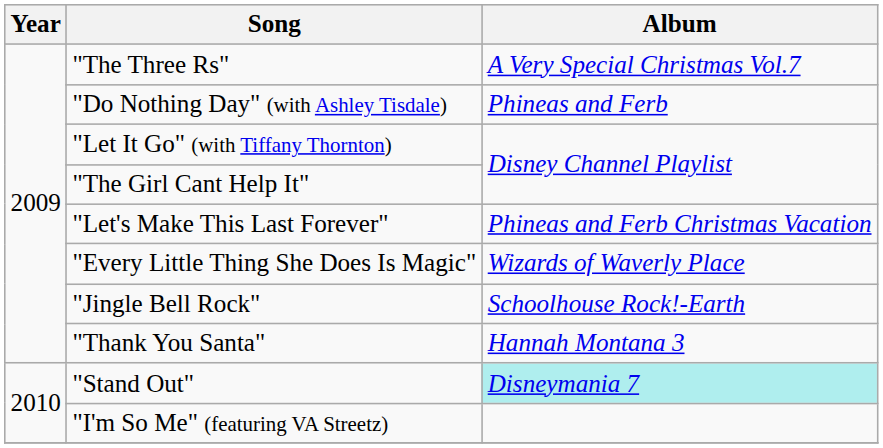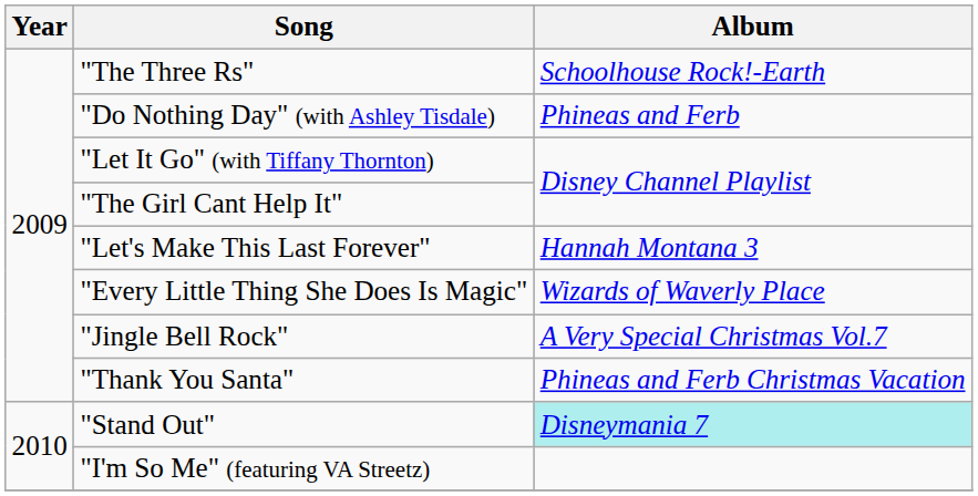 <table class="wikitable">
 <tr>
 <th>Year</th>
 <th>Song</th>
 <th>Album</th>
 </tr>
 <tr>
 <td rowspan="8">2009</td>
 <td>"The Three Rs"</td>
-<td><em><a href='#'>A Very Special Christmas Vol.7</a></em></td>
+<td><em><a href='#'>Schoolhouse Rock!-Earth</a></em></td>
 </tr>
 <tr>
 <td>"Do Nothing Day" <small>(with <a href='#'>Ashley Tisdale</a>)</small></td>
 <td><em><a href='#'>Phineas and Ferb</a></em></td>
 </tr>
 <tr>
 <td>"Let It Go" <small>(with <a href='#'>Tiffany Thornton</a>)</small></td>
 <td rowspan="2"><em><a href='#'>Disney Channel Playlist</a></em></td>
 </tr>
 <tr>
 <td>"The Girl Cant Help It"</td>
 </tr>
 <tr>
 <td>"Let's Make This Last Forever"</td>
-<td><em><a href='#'>Phineas and Ferb Christmas Vacation</a></em></td>
+<td><em><a href='#'>Hannah Montana 3</a></em></td>
 </tr>
 <tr>
 <td>"Every Little Thing She Does Is Magic"</td>
 <td><em><a href='#'>Wizards of Waverly Place</a></em></td>
 </tr>
 <tr>
 <td>"Jingle Bell Rock"</td>
-<td><em><a href='#'>Schoolhouse Rock!-Earth</a></em></td>
+<td><em><a href='#'>A Very Special Christmas Vol.7</a></em></td>
 </tr>
 <tr>
 <td>"Thank You Santa"</td>
-<td><em><a href='#'>Hannah Montana 3</a></em></td>
+<td><em><a href='#'>Phineas and Ferb Christmas Vacation</a></em></td>
 </tr>
 <tr>
 <td rowspan="2">2010</td>
 <td>"Stand Out"</td>
 <td style="background: paleturquoise;"><em><a href='#'>Disneymania 7</a></em></td>
 </tr>
 <tr>
 <td>"I'm So Me" <small>(featuring VA Streetz)</small></td>
 <td></td>
 </tr>
 <tr>
 </tr>
 </table>
